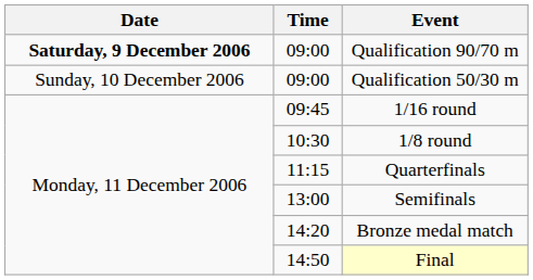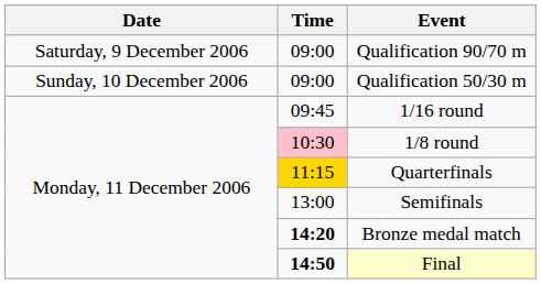 <table class = "wikitable" style="text-align:center;">
 <tr>
 <th width=220>Date</th>
 <th width=50>Time</th>
 <th width=150>Event</th>
 </tr>
 <tr>
-<td><strong>Saturday, 9 December 2006</strong></td>
+<td>Saturday, 9 December 2006</td>
 <td>09:00</td>
 <td>Qualification 90/70 m</td>
 </tr>
 <tr>
 <td>Sunday, 10 December 2006</td>
 <td>09:00</td>
 <td>Qualification 50/30 m</td>
 </tr>
 <tr>
 <td rowspan=6>Monday, 11 December 2006</td>
 <td>09:45</td>
 <td>1/16 round</td>
 </tr>
 <tr>
-<td>10:30</td>
+<td style="background: pink;">10:30</td>
 <td>1/8 round</td>
 </tr>
 <tr>
-<td>11:15</td>
+<td style="background: gold;">11:15</td>
 <td>Quarterfinals</td>
 </tr>
 <tr>
 <td>13:00</td>
 <td>Semifinals</td>
 </tr>
 <tr>
-<td>14:20</td>
+<td><strong>14:20</strong></td>
 <td>Bronze medal match</td>
 </tr>
 <tr>
-<td>14:50</td>
+<td><strong>14:50</strong></td>
 <td bgcolor=ffffcc>Final</td>
 </tr>
 </table>
